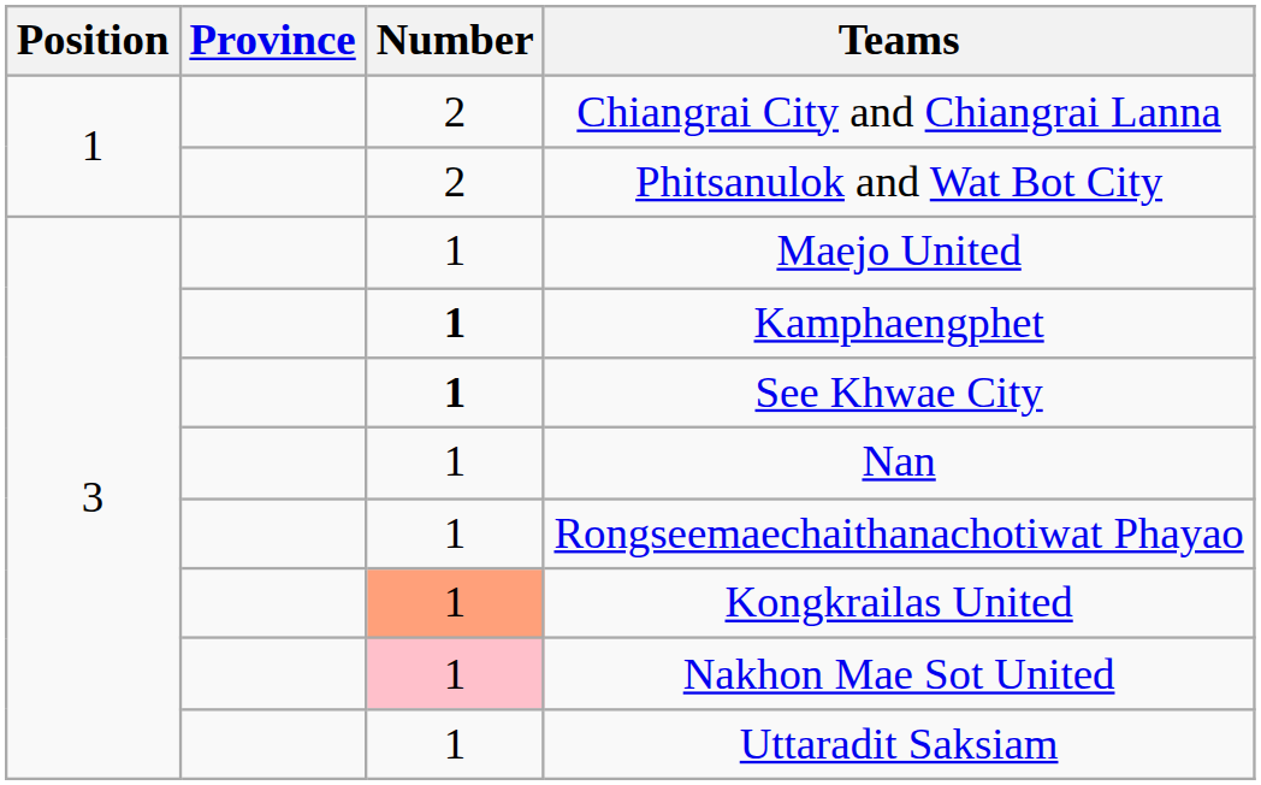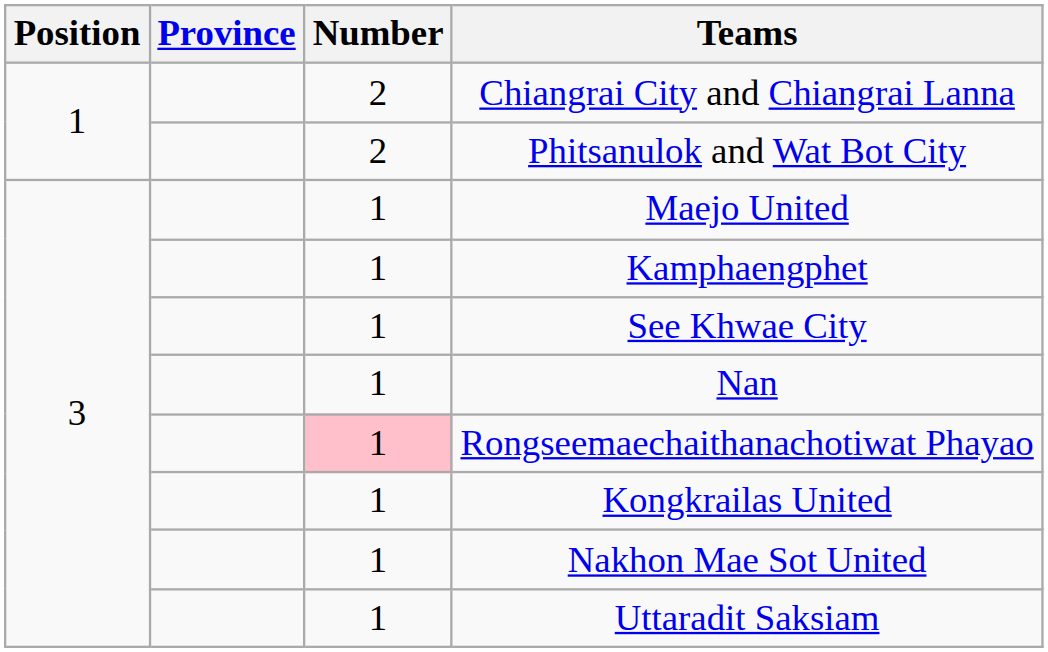 <table class="wikitable">
 <tr>
 <th>Position</th>
 <th><a href='#'>Province</a></th>
 <th>Number</th>
 <th>Teams</th>
 </tr>
 <tr>
 <td align=center rowspan="2">1</td>
 <td></td>
 <td align=center>2</td>
 <td align=center><a href='#'>Chiangrai City</a> and <a href='#'>Chiangrai Lanna</a></td>
 </tr>
 <tr>
 <td></td>
 <td align=center>2</td>
 <td align=center><a href='#'>Phitsanulok</a> and <a href='#'>Wat Bot City</a></td>
 </tr>
 <tr>
 <td align=center rowspan="8">3</td>
 <td></td>
 <td align=center>1</td>
 <td align=center><a href='#'>Maejo United</a></td>
 </tr>
 <tr>
 <td></td>
-<td align=center><strong>1</strong></td>
+<td align=center>1</td>
 <td align=center><a href='#'>Kamphaengphet</a></td>
 </tr>
 <tr>
 <td></td>
-<td align=center><strong>1</strong></td>
+<td align=center>1</td>
 <td align=center><a href='#'>See Khwae City</a></td>
 </tr>
 <tr>
 <td></td>
 <td align=center>1</td>
 <td align=center><a href='#'>Nan</a></td>
 </tr>
 <tr>
 <td></td>
-<td align=center>1</td>
+<td align=center style="background: pink;">1</td>
 <td align=center><a href='#'>Rongseemaechaithanachotiwat Phayao</a></td>
 </tr>
 <tr>
 <td></td>
-<td align=center style="background: lightsalmon;">1</td>
+<td align=center>1</td>
 <td align=center><a href='#'>Kongkrailas United</a></td>
 </tr>
 <tr>
 <td></td>
-<td align=center style="background: pink;">1</td>
+<td align=center>1</td>
 <td align=center><a href='#'>Nakhon Mae Sot United</a></td>
 </tr>
 <tr>
 <td></td>
 <td align=center>1</td>
 <td align=center><a href='#'>Uttaradit Saksiam</a></td>
 </tr>
 </table>
